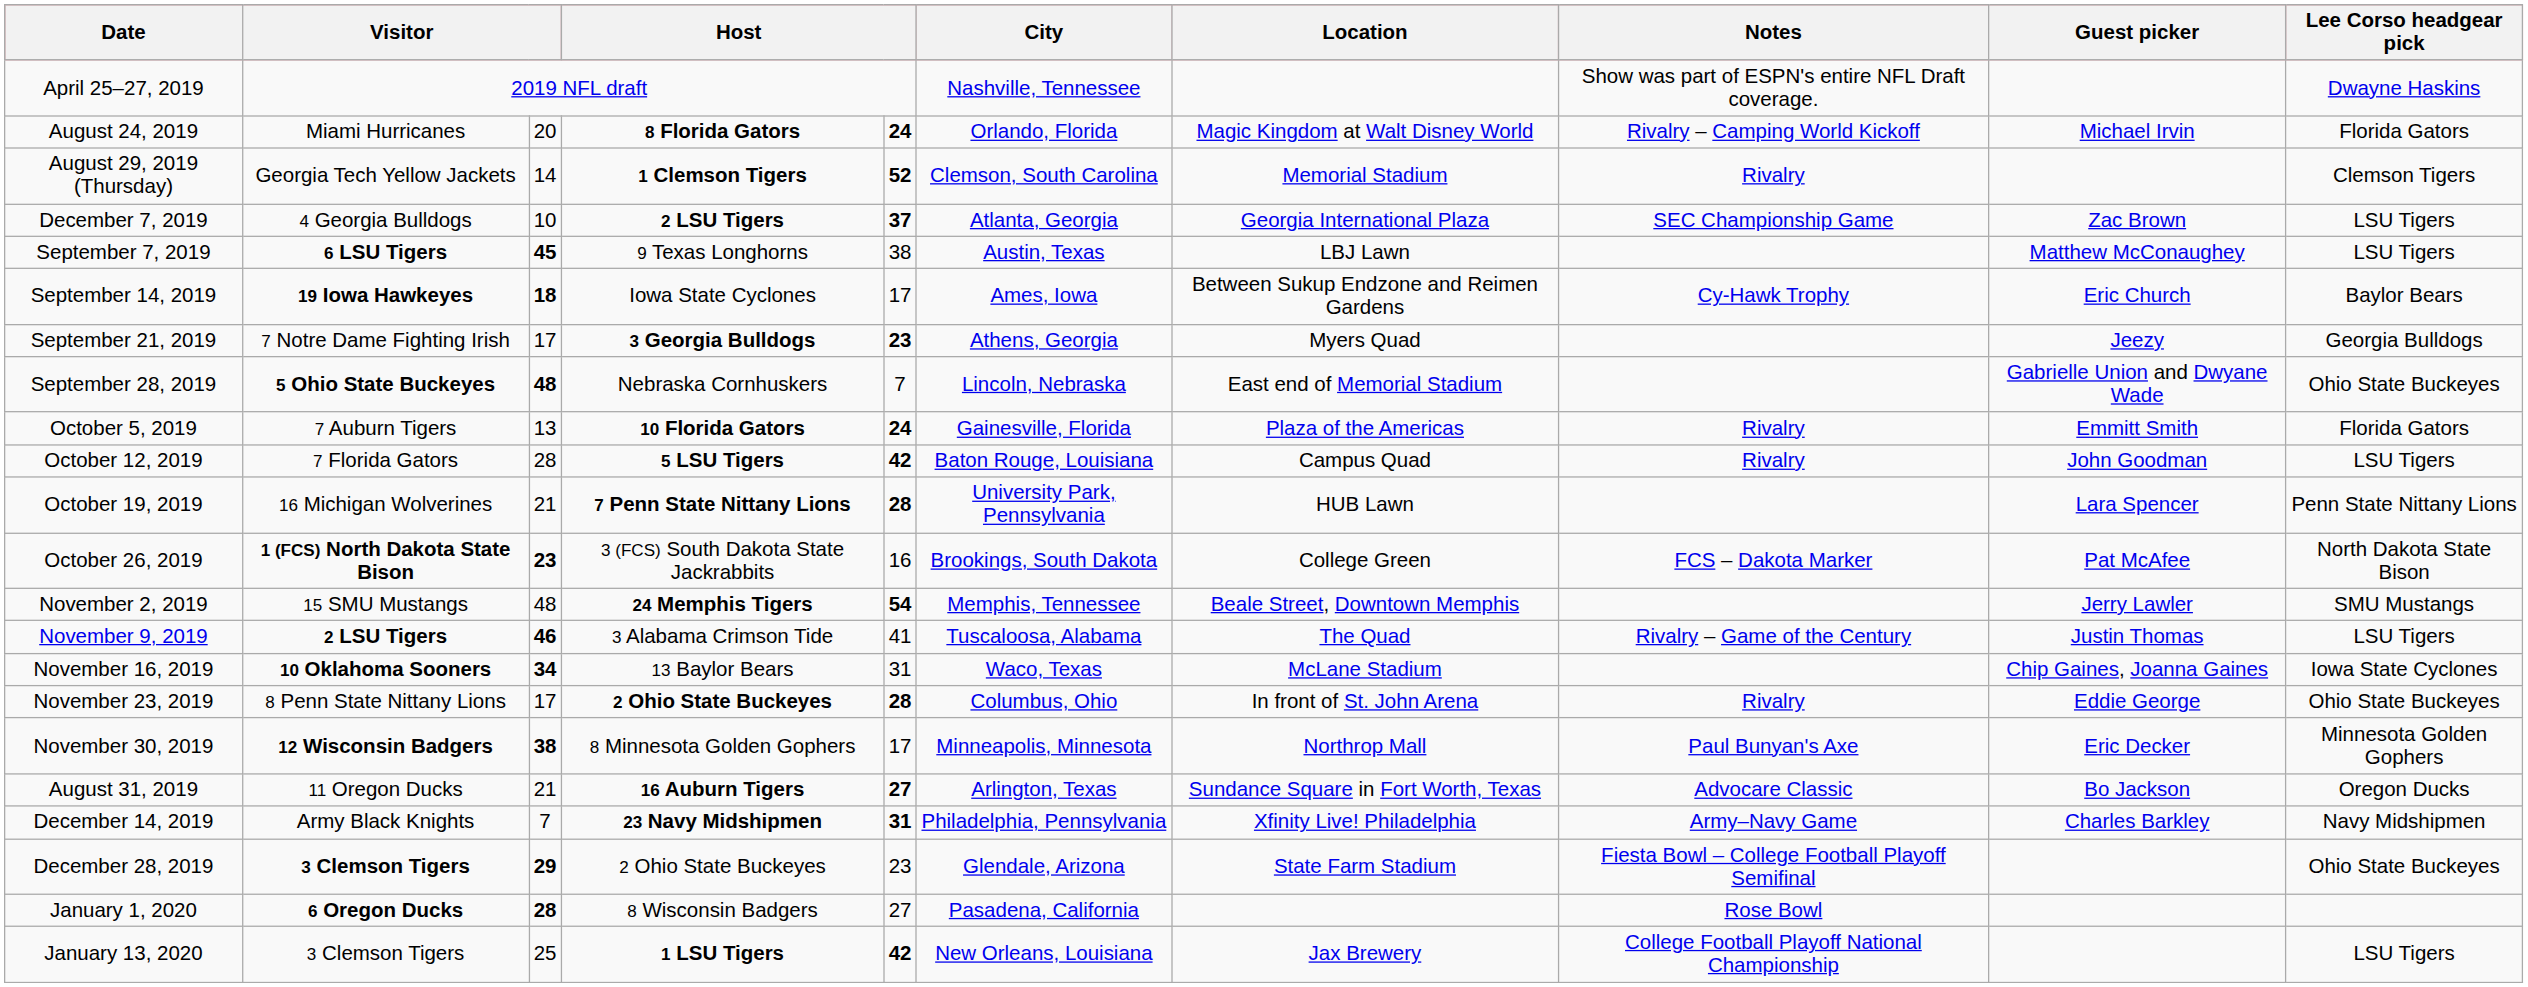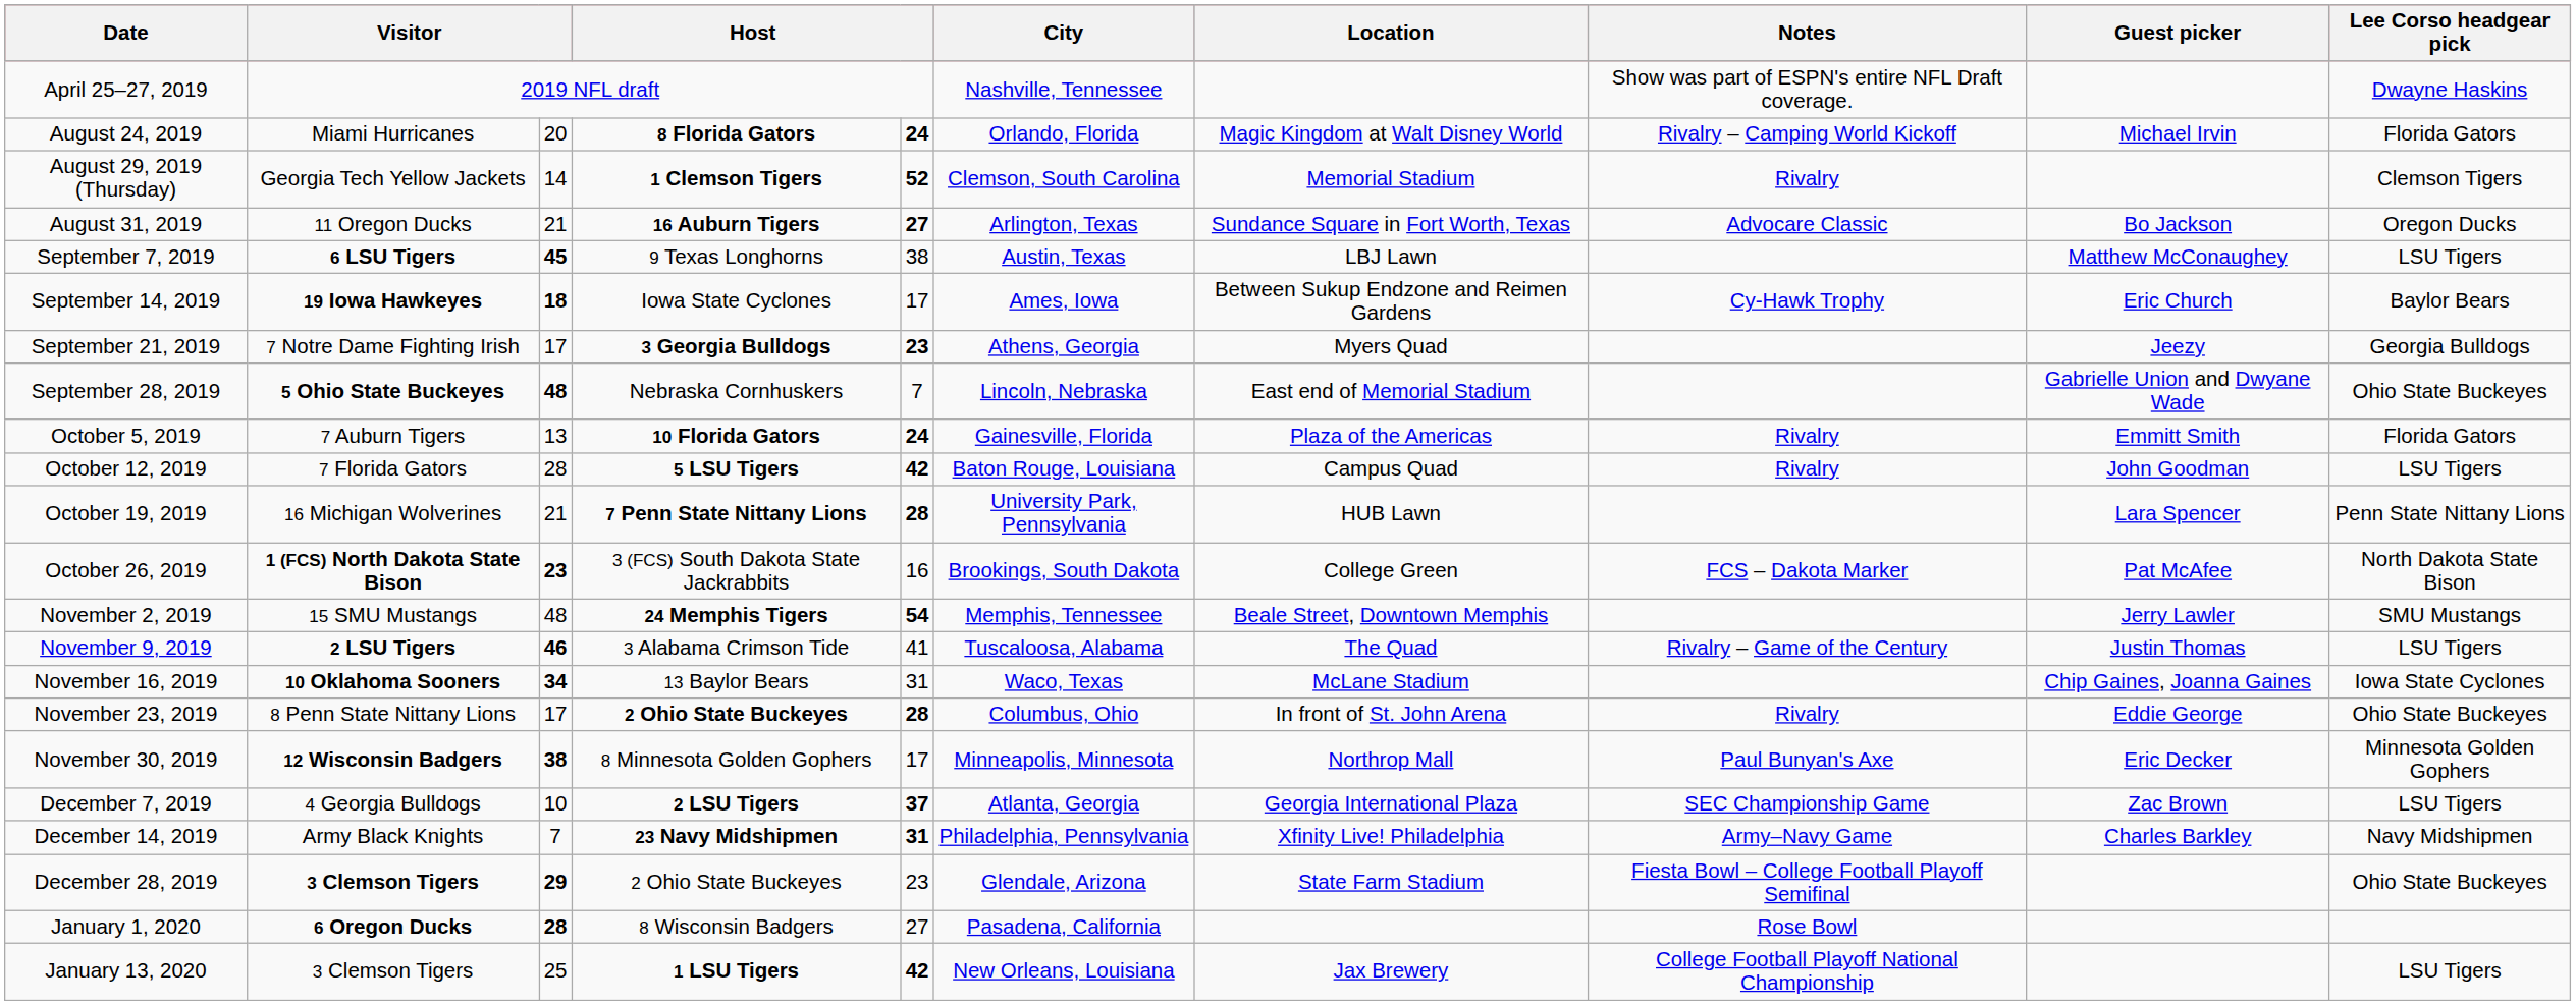 <table class="wikitable" style="text-align:center">
 <tr style="background:#A32638;"|>
 <th>Date</th>
 <th colspan=2>Visitor</th>
 <th colspan=2>Host</th>
 <th>City</th>
 <th>Location</th>
 <th>Notes</th>
 <th>Guest picker</th>
 <th>Lee Corso headgear pick</th>
 </tr>
 <tr>
 <td>April 25–27, 2019</td>
 <td colspan="4"><a href='#'>2019 NFL draft</a></td>
 <td><a href='#'>Nashville, Tennessee</a></td>
 <td></td>
 <td>Show was part of ESPN's entire NFL Draft coverage.</td>
 <td></td>
 <td><a href='#'>Dwayne Haskins</a></td>
 </tr>
 <tr>
 <td>August 24, 2019</td>
 <td>Miami Hurricanes</td>
 <td>20</td>
 <td><strong><small>8</small> Florida Gators</strong></td>
 <td><strong>24</strong></td>
 <td><a href='#'>Orlando, Florida</a></td>
 <td><a href='#'>Magic Kingdom</a> at <a href='#'>Walt Disney World</a></td>
 <td><a href='#'>Rivalry</a> – <a href='#'>Camping World Kickoff</a></td>
 <td><a href='#'>Michael Irvin</a></td>
 <td>Florida Gators</td>
 </tr>
 <tr>
 <td>August 29, 2019 (Thursday)</td>
 <td>Georgia Tech Yellow Jackets</td>
 <td>14</td>
 <td><strong><small>1</small> Clemson Tigers</strong></td>
 <td><strong>52</strong></td>
 <td><a href='#'>Clemson, South Carolina</a></td>
 <td><a href='#'>Memorial Stadium</a></td>
 <td><a href='#'>Rivalry</a></td>
 <td></td>
 <td>Clemson Tigers</td>
 </tr>
 <tr>
-<td>December 7, 2019</td>
-<td><small>4</small> Georgia Bulldogs</td>
-<td>10</td>
-<td><strong><small>2</small> LSU Tigers</strong></td>
-<td><strong>37</strong></td>
-<td><a href='#'>Atlanta, Georgia</a></td>
-<td><a href='#'>Georgia International Plaza</a></td>
-<td><a href='#'>SEC Championship Game</a></td>
-<td><a href='#'>Zac Brown</a></td>
-<td>LSU Tigers</td>
+<td>August 31, 2019</td>
+<td><small>11</small> Oregon Ducks</td>
+<td>21</td>
+<td><strong><small>16</small> Auburn Tigers</strong></td>
+<td><strong>27</strong></td>
+<td><a href='#'>Arlington, Texas</a></td>
+<td><a href='#'>Sundance Square</a> in <a href='#'>Fort Worth, Texas</a></td>
+<td><a href='#'>Advocare Classic</a></td>
+<td><a href='#'>Bo Jackson</a></td>
+<td>Oregon Ducks</td>
 </tr>
 <tr>
 <td>September 7, 2019</td>
 <td><strong><small>6</small> LSU Tigers</strong></td>
 <td><strong>45</strong></td>
 <td><small>9</small> Texas Longhorns</td>
 <td>38</td>
 <td><a href='#'>Austin, Texas</a></td>
 <td>LBJ Lawn</td>
 <td></td>
 <td><a href='#'>Matthew McConaughey</a></td>
 <td>LSU Tigers</td>
 </tr>
 <tr>
 <td>September 14, 2019</td>
 <td><strong><small>19</small> Iowa Hawkeyes</strong></td>
 <td><strong>18</strong></td>
 <td>Iowa State Cyclones</td>
 <td>17</td>
 <td><a href='#'>Ames, Iowa</a></td>
 <td>Between Sukup Endzone and Reimen Gardens</td>
 <td><a href='#'>Cy-Hawk Trophy</a></td>
 <td><a href='#'>Eric Church</a></td>
 <td>Baylor Bears</td>
 </tr>
 <tr>
 <td>September 21, 2019</td>
 <td><small>7</small> Notre Dame Fighting Irish</td>
 <td>17</td>
 <td><strong><small>3</small> Georgia Bulldogs</strong></td>
 <td><strong>23</strong></td>
 <td><a href='#'>Athens, Georgia</a></td>
 <td>Myers Quad</td>
 <td></td>
 <td><a href='#'>Jeezy</a></td>
 <td>Georgia Bulldogs</td>
 </tr>
 <tr>
 <td>September 28, 2019</td>
 <td><strong><small>5</small> Ohio State Buckeyes</strong></td>
 <td><strong>48</strong></td>
 <td>Nebraska Cornhuskers</td>
 <td>7</td>
 <td><a href='#'>Lincoln, Nebraska</a></td>
 <td>East end of <a href='#'>Memorial Stadium</a></td>
 <td></td>
 <td><a href='#'>Gabrielle Union</a> and <a href='#'>Dwyane Wade</a></td>
 <td>Ohio State Buckeyes</td>
 </tr>
 <tr>
 <td>October 5, 2019</td>
 <td><small>7</small> Auburn Tigers</td>
 <td>13</td>
 <td><strong><small>10</small> Florida Gators</strong></td>
 <td><strong>24</strong></td>
 <td><a href='#'>Gainesville, Florida</a></td>
 <td><a href='#'>Plaza of the Americas</a></td>
 <td><a href='#'>Rivalry</a></td>
 <td><a href='#'>Emmitt Smith</a></td>
 <td>Florida Gators</td>
 </tr>
 <tr>
 <td>October 12, 2019</td>
 <td><small>7</small> Florida Gators</td>
 <td>28</td>
 <td><strong><small>5</small> LSU Tigers</strong></td>
 <td><strong>42</strong></td>
 <td><a href='#'>Baton Rouge, Louisiana</a></td>
 <td>Campus Quad</td>
 <td><a href='#'>Rivalry</a></td>
 <td><a href='#'>John Goodman</a></td>
 <td>LSU Tigers</td>
 </tr>
 <tr>
 <td>October 19, 2019</td>
 <td><small>16</small> Michigan Wolverines</td>
 <td>21</td>
 <td><strong><small>7</small> Penn State Nittany Lions</strong></td>
 <td><strong>28</strong></td>
 <td><a href='#'>University Park, Pennsylvania</a></td>
 <td>HUB Lawn</td>
 <td></td>
 <td><a href='#'>Lara Spencer</a></td>
 <td>Penn State Nittany Lions</td>
 </tr>
 <tr>
 <td>October 26, 2019</td>
 <td><strong><small>1 (FCS)</small> North Dakota State Bison</strong></td>
 <td><strong>23</strong></td>
 <td><small>3 (FCS)</small> South Dakota State Jackrabbits</td>
 <td>16</td>
 <td><a href='#'>Brookings, South Dakota</a></td>
 <td>College Green</td>
 <td><a href='#'>FCS</a> – <a href='#'>Dakota Marker</a></td>
 <td><a href='#'>Pat McAfee</a></td>
 <td>North Dakota State Bison</td>
 </tr>
 <tr>
 <td>November 2, 2019</td>
 <td><small>15</small> SMU Mustangs</td>
 <td>48</td>
 <td><strong><small>24</small> Memphis Tigers</strong></td>
 <td><strong>54</strong></td>
 <td><a href='#'>Memphis, Tennessee</a></td>
 <td><a href='#'>Beale Street</a>, <a href='#'>Downtown Memphis</a></td>
 <td></td>
 <td><a href='#'>Jerry Lawler</a></td>
 <td>SMU Mustangs</td>
 </tr>
 <tr>
 <td><a href='#'>November 9, 2019</a></td>
 <td><strong><small>2</small> LSU Tigers</strong></td>
 <td><strong>46</strong></td>
 <td><small>3</small> Alabama Crimson Tide</td>
 <td>41</td>
 <td><a href='#'>Tuscaloosa, Alabama</a></td>
 <td><a href='#'>The Quad</a></td>
 <td><a href='#'>Rivalry</a> – <a href='#'>Game of the Century</a></td>
 <td><a href='#'>Justin Thomas</a></td>
 <td>LSU Tigers</td>
 </tr>
 <tr>
 <td>November 16, 2019</td>
 <td><strong><small>10</small> Oklahoma Sooners</strong></td>
 <td><strong>34</strong></td>
 <td><small>13</small> Baylor Bears</td>
 <td>31</td>
 <td><a href='#'>Waco, Texas</a></td>
 <td><a href='#'>McLane Stadium</a></td>
 <td></td>
 <td><a href='#'>Chip Gaines</a>, <a href='#'>Joanna Gaines</a></td>
 <td>Iowa State Cyclones</td>
 </tr>
 <tr>
 <td>November 23, 2019</td>
 <td><small>8</small> Penn State Nittany Lions</td>
 <td>17</td>
 <td><strong><small>2</small> Ohio State Buckeyes</strong></td>
 <td><strong>28</strong></td>
 <td><a href='#'>Columbus, Ohio</a></td>
 <td>In front of <a href='#'>St. John Arena</a></td>
 <td><a href='#'>Rivalry</a></td>
 <td><a href='#'>Eddie George</a></td>
 <td>Ohio State Buckeyes</td>
 </tr>
 <tr>
 <td>November 30, 2019</td>
 <td><strong><small>12</small> Wisconsin Badgers</strong></td>
 <td><strong>38</strong></td>
 <td><small>8</small> Minnesota Golden Gophers</td>
 <td>17</td>
 <td><a href='#'>Minneapolis, Minnesota</a></td>
 <td><a href='#'>Northrop Mall</a></td>
 <td><a href='#'>Paul Bunyan's Axe</a></td>
 <td><a href='#'>Eric Decker</a></td>
 <td>Minnesota Golden Gophers</td>
 </tr>
 <tr>
-<td>August 31, 2019</td>
-<td><small>11</small> Oregon Ducks</td>
-<td>21</td>
-<td><strong><small>16</small> Auburn Tigers</strong></td>
-<td><strong>27</strong></td>
-<td><a href='#'>Arlington, Texas</a></td>
-<td><a href='#'>Sundance Square</a> in <a href='#'>Fort Worth, Texas</a></td>
-<td><a href='#'>Advocare Classic</a></td>
-<td><a href='#'>Bo Jackson</a></td>
-<td>Oregon Ducks</td>
+<td>December 7, 2019</td>
+<td><small>4</small> Georgia Bulldogs</td>
+<td>10</td>
+<td><strong><small>2</small> LSU Tigers</strong></td>
+<td><strong>37</strong></td>
+<td><a href='#'>Atlanta, Georgia</a></td>
+<td><a href='#'>Georgia International Plaza</a></td>
+<td><a href='#'>SEC Championship Game</a></td>
+<td><a href='#'>Zac Brown</a></td>
+<td>LSU Tigers</td>
 </tr>
 <tr>
 <td>December 14, 2019</td>
 <td>Army Black Knights</td>
 <td>7</td>
 <td><strong><small>23</small> Navy Midshipmen</strong></td>
 <td><strong>31</strong></td>
 <td><a href='#'>Philadelphia, Pennsylvania</a></td>
 <td><a href='#'>Xfinity Live! Philadelphia</a></td>
 <td><a href='#'>Army–Navy Game</a></td>
 <td><a href='#'>Charles Barkley</a></td>
 <td>Navy Midshipmen</td>
 </tr>
 <tr>
 <td>December 28, 2019</td>
 <td><strong><small>3</small> Clemson Tigers</strong></td>
 <td><strong>29</strong></td>
 <td><small>2</small> Ohio State Buckeyes</td>
 <td>23</td>
 <td><a href='#'>Glendale, Arizona</a></td>
 <td><a href='#'>State Farm Stadium</a></td>
 <td><a href='#'>Fiesta Bowl – College Football Playoff Semifinal</a></td>
 <td></td>
 <td>Ohio State Buckeyes</td>
 </tr>
 <tr>
 <td>January 1, 2020</td>
 <td><strong><small>6</small> Oregon Ducks</strong></td>
 <td><strong>28</strong></td>
 <td><small>8</small> Wisconsin Badgers</td>
 <td>27</td>
 <td><a href='#'>Pasadena, California</a></td>
 <td></td>
 <td><a href='#'>Rose Bowl</a></td>
 <td></td>
 <td></td>
 </tr>
 <tr>
 <td>January 13, 2020</td>
 <td><small>3</small> Clemson Tigers</td>
 <td>25</td>
 <td><strong><small>1</small> LSU Tigers</strong></td>
 <td><strong>42</strong></td>
 <td><a href='#'>New Orleans, Louisiana</a></td>
 <td><a href='#'>Jax Brewery</a></td>
 <td><a href='#'>College Football Playoff National Championship</a></td>
 <td></td>
 <td>LSU Tigers</td>
 </tr>
 <tr>
 </tr>
 </table>
